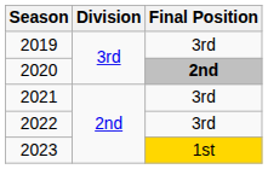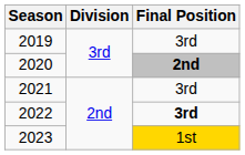 <table class="wikitable sortable">
 <tr>
 <th>Season</th>
 <th>Division</th>
 <th>Final Position</th>
 </tr>
 <tr>
 <td align=center>2019</td>
 <td rowspan=2 align=center><a href='#'>3rd</a></td>
 <td align=center>3rd</td>
 </tr>
 <tr>
 <td align=center>2020</td>
 <td align=center style="background:silver;"><strong>2nd</strong></td>
 </tr>
 <tr>
 <td align=center>2021</td>
 <td rowspan=3 align=center><a href='#'>2nd</a></td>
 <td align=center>3rd</td>
 </tr>
 <tr>
 <td align=center>2022</td>
-<td align=center>3rd</td>
+<td align=center><strong>3rd</strong></td>
 </tr>
 <tr>
 <td align=center>2023</td>
 <td align=center style="background:gold;">1st</td>
 </tr>
 </table>
